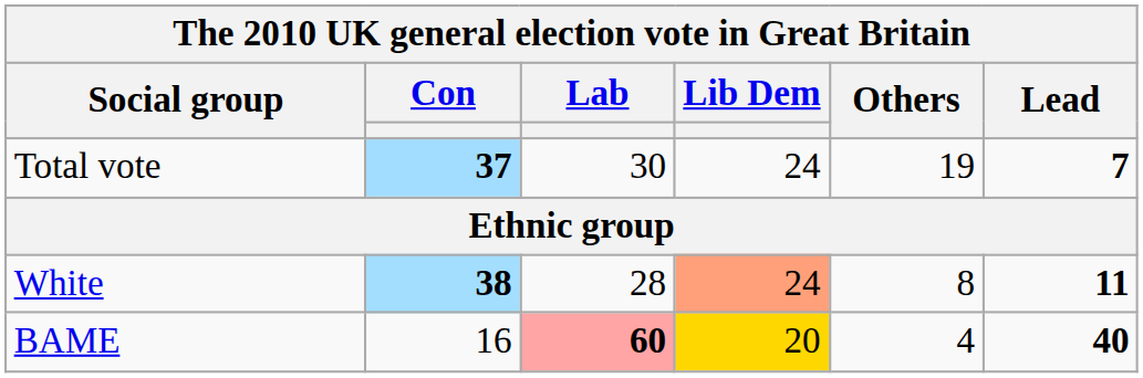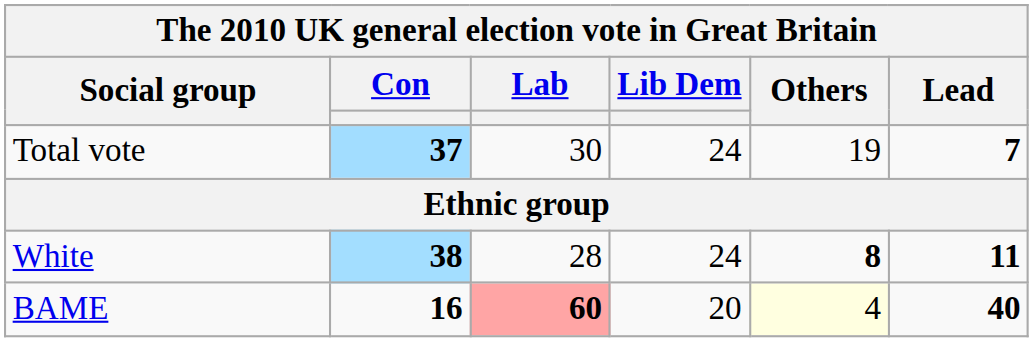 <table class=wikitable>
 <tr>
 <th colspan="10">The 2010 UK general election vote in Great Britain</th>
 </tr>
 <tr>
 <th style="width:150px;" rowspan="2">Social group</th>
 <th style="width:60px;" class="unsortable"><a href='#'>Con</a></th>
 <th style="width:60px;" class="unsortable"><a href='#'>Lab</a></th>
 <th style="width:60px;" class="unsortable"><a href='#'>Lib Dem</a></th>
 <th style="width:60px;" rowspan="2" class="unsortable">Others</th>
 <th style="width:60px;" rowspan="2" class="unsortable">Lead</th>
 </tr>
 <tr>
 <th class="unsortable" style="color:inherit;background:"></th>
 <th class="unsortable" style="color:inherit;background:"></th>
 <th class="unsortable" style="color:inherit;background:"></th>
 </tr>
 <tr>
 <td>Total vote</td>
 <td style="text-align:right; background:#A2DDFF;"><strong>37</strong></td>
 <td style="text-align:right;">30</td>
 <td style="text-align:right;">24</td>
 <td style="text-align:right;">19</td>
 <td style="text-align:right; background:"><strong>7</strong></td>
 </tr>
 <tr>
 <th colspan=9>Ethnic group</th>
 </tr>
 <tr>
 <td><a href='#'>White</a></td>
 <td style="text-align:right; background:#A3DEFF;"><strong>38</strong></td>
 <td style="text-align:right;">28</td>
-<td style="background: lightsalmon; text-align:right;">24</td>
-<td style="text-align:right;">8</td>
+<td style="text-align:right;">24</td>
+<td style="text-align:right;"><strong>8</strong></td>
 <td style="text-align:right; background:"><strong>11</strong></td>
 </tr>
 <tr>
 <td><a href='#'>BAME</a></td>
-<td style="text-align:right;">16</td>
+<td style="text-align:right;"><strong>16</strong></td>
 <td style="text-align:right; background:#FFA5A5;"><strong>60</strong></td>
-<td style="background: gold; text-align:right;">20</td>
-<td style="text-align:right;">4</td>
+<td style="text-align:right;">20</td>
+<td style="background: lightyellow; text-align:right;">4</td>
 <td style="text-align:right; background:"><strong>40</strong></td>
 </tr>
 </table>
